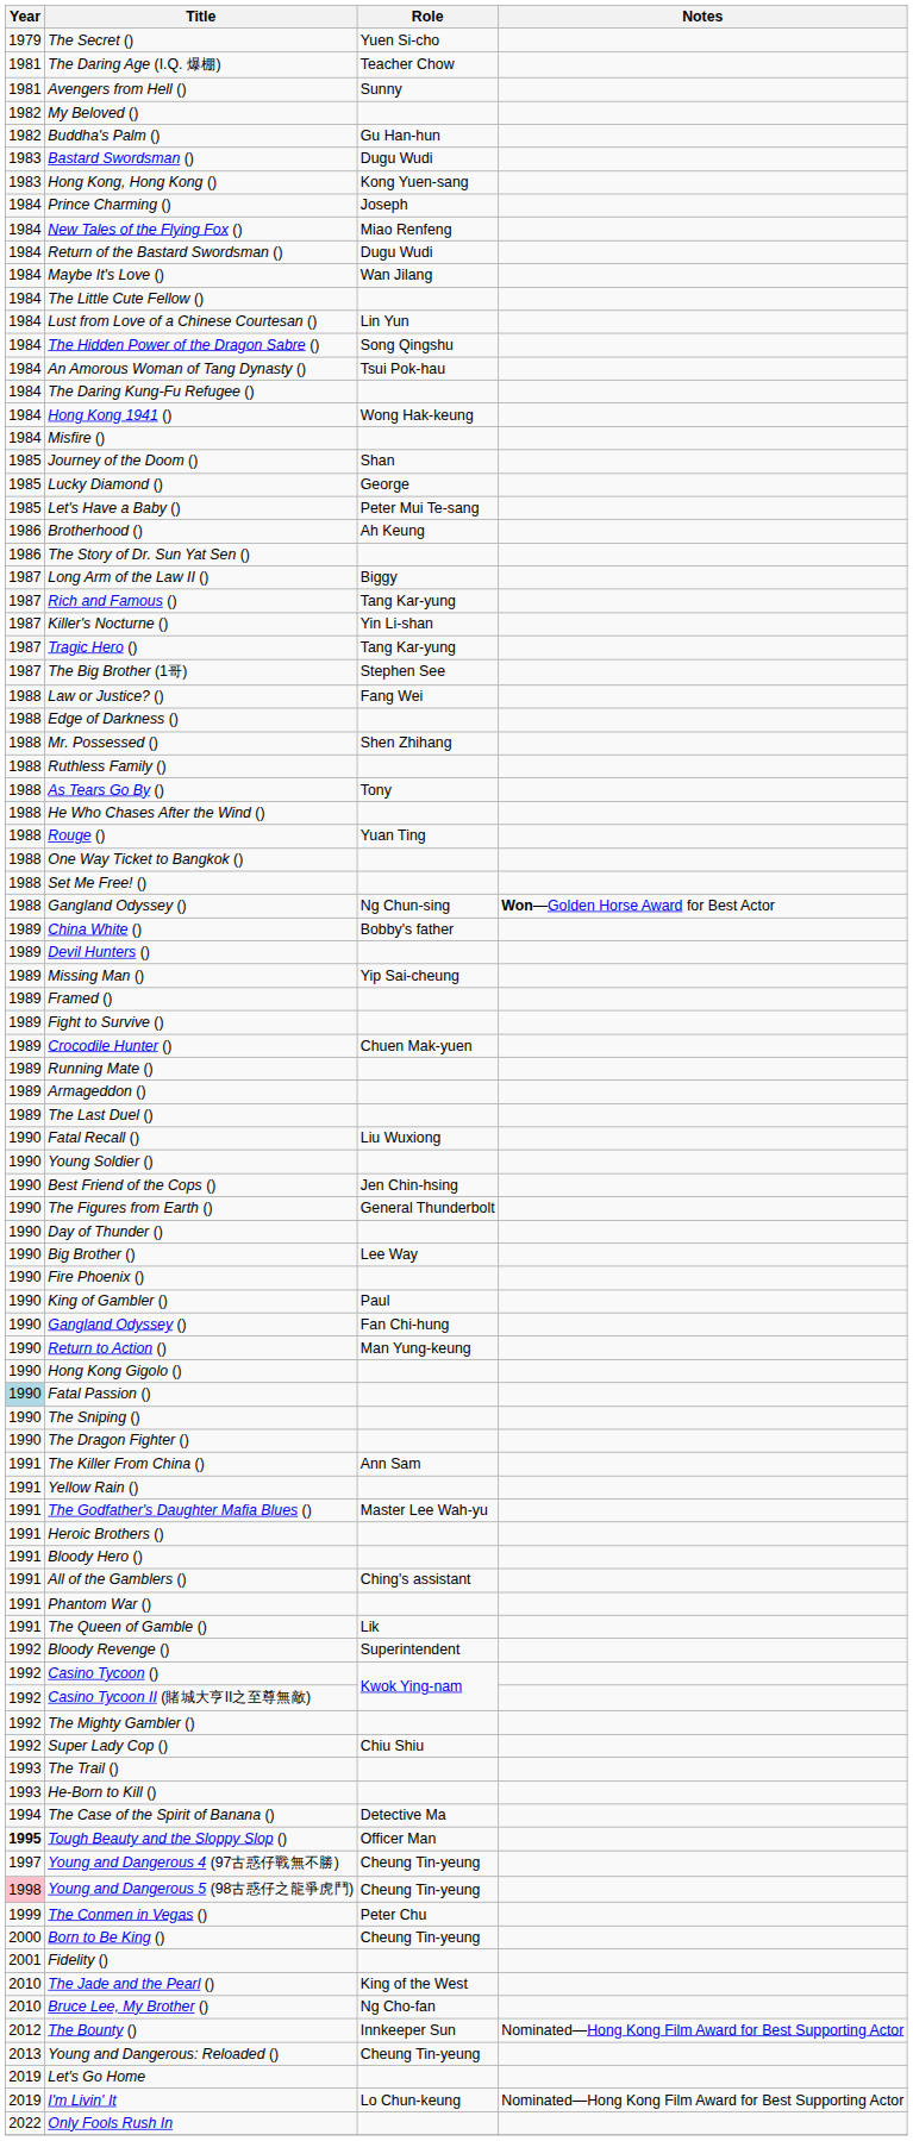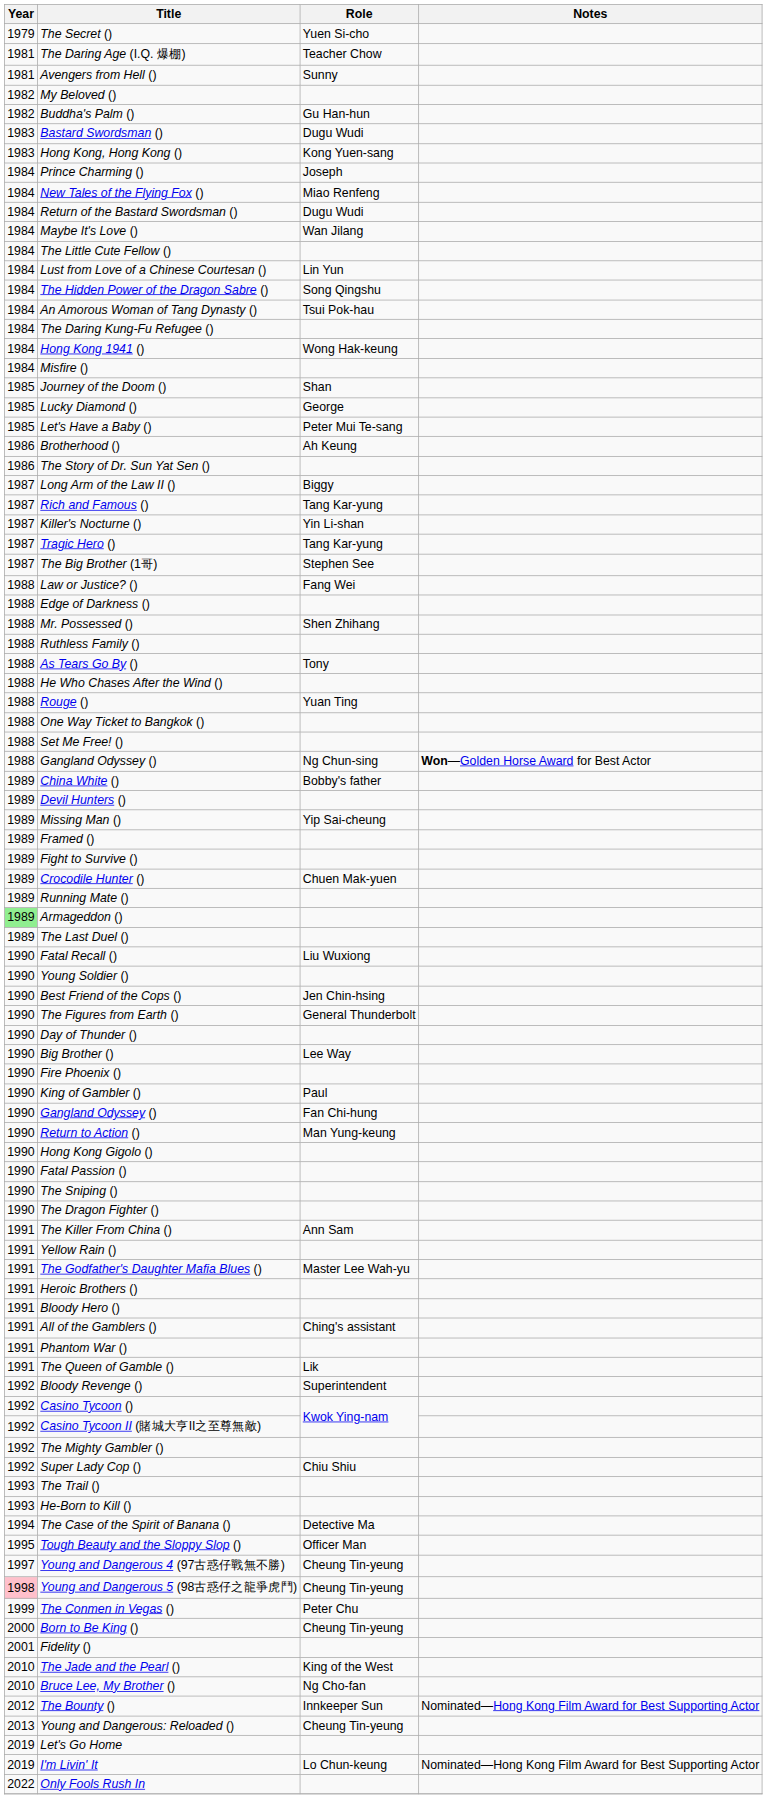 <table class="wikitable sortable">
 <tr>
 <th>Year</th>
 <th>Title</th>
 <th>Role</th>
 <th>Notes</th>
 </tr>
 <tr>
 <td>1979</td>
 <td><em>The Secret</em> ()</td>
 <td>Yuen Si-cho</td>
 <td></td>
 </tr>
 <tr>
 <td>1981</td>
 <td><em>The Daring Age</em> (I.Q. 爆棚)</td>
 <td>Teacher Chow</td>
 <td></td>
 </tr>
 <tr>
 <td>1981</td>
 <td><em>Avengers from Hell</em> ()</td>
 <td>Sunny</td>
 <td></td>
 </tr>
 <tr>
 <td>1982</td>
 <td><em>My Beloved</em> ()</td>
 <td></td>
 <td></td>
 </tr>
 <tr>
 <td>1982</td>
 <td><em>Buddha's Palm</em> ()</td>
 <td>Gu Han-hun</td>
 <td></td>
 </tr>
 <tr>
 <td>1983</td>
 <td><em><a href='#'>Bastard Swordsman</a></em> ()</td>
 <td>Dugu Wudi</td>
 <td></td>
 </tr>
 <tr>
 <td>1983</td>
 <td><em>Hong Kong, Hong Kong</em> ()</td>
 <td>Kong Yuen-sang</td>
 <td></td>
 </tr>
 <tr>
 <td>1984</td>
 <td><em>Prince Charming</em> ()</td>
 <td>Joseph</td>
 <td></td>
 </tr>
 <tr>
 <td>1984</td>
 <td><em><a href='#'>New Tales of the Flying Fox</a></em> ()</td>
 <td>Miao Renfeng</td>
 <td></td>
 </tr>
 <tr>
 <td>1984</td>
 <td><em>Return of the Bastard Swordsman</em> ()</td>
 <td>Dugu Wudi</td>
 <td></td>
 </tr>
 <tr>
 <td>1984</td>
 <td><em>Maybe It's Love</em> ()</td>
 <td>Wan Jilang</td>
 <td></td>
 </tr>
 <tr>
 <td>1984</td>
 <td><em>The Little Cute Fellow</em> ()</td>
 <td></td>
 <td></td>
 </tr>
 <tr>
 <td>1984</td>
 <td><em>Lust from Love of a Chinese Courtesan</em> ()</td>
 <td>Lin Yun</td>
 <td></td>
 </tr>
 <tr>
 <td>1984</td>
 <td><em><a href='#'>The Hidden Power of the Dragon Sabre</a></em> ()</td>
 <td>Song Qingshu</td>
 <td></td>
 </tr>
 <tr>
 <td>1984</td>
 <td><em>An Amorous Woman of Tang Dynasty</em> ()</td>
 <td>Tsui Pok-hau</td>
 <td></td>
 </tr>
 <tr>
 <td>1984</td>
 <td><em>The Daring Kung-Fu Refugee</em> ()</td>
 <td></td>
 <td></td>
 </tr>
 <tr>
 <td>1984</td>
 <td><em><a href='#'>Hong Kong 1941</a></em> ()</td>
 <td>Wong Hak-keung</td>
 <td></td>
 </tr>
 <tr>
 <td>1984</td>
 <td><em>Misfire</em> ()</td>
 <td></td>
 <td></td>
 </tr>
 <tr>
 <td>1985</td>
 <td><em>Journey of the Doom</em> ()</td>
 <td>Shan</td>
 <td></td>
 </tr>
 <tr>
 <td>1985</td>
 <td><em>Lucky Diamond</em> ()</td>
 <td>George</td>
 <td></td>
 </tr>
 <tr>
 <td>1985</td>
 <td><em>Let's Have a Baby</em> ()</td>
 <td>Peter Mui Te-sang</td>
 <td></td>
 </tr>
 <tr>
 <td>1986</td>
 <td><em>Brotherhood</em> ()</td>
 <td>Ah Keung</td>
 <td></td>
 </tr>
 <tr>
 <td>1986</td>
 <td><em>The Story of Dr. Sun Yat Sen</em> ()</td>
 <td></td>
 <td></td>
 </tr>
 <tr>
 <td>1987</td>
 <td><em>Long Arm of the Law II</em> ()</td>
 <td>Biggy</td>
 <td></td>
 </tr>
 <tr>
 <td>1987</td>
 <td><em><a href='#'>Rich and Famous</a></em> ()</td>
 <td>Tang Kar-yung</td>
 <td></td>
 </tr>
 <tr>
 <td>1987</td>
 <td><em>Killer's Nocturne</em> ()</td>
 <td>Yin Li-shan</td>
 <td></td>
 </tr>
 <tr>
 <td>1987</td>
 <td><em><a href='#'>Tragic Hero</a></em> ()</td>
 <td>Tang Kar-yung</td>
 <td></td>
 </tr>
 <tr>
 <td>1987</td>
 <td><em>The Big Brother</em> (1哥)</td>
 <td>Stephen See</td>
 <td></td>
 </tr>
 <tr>
 <td>1988</td>
 <td><em>Law or Justice?</em> ()</td>
 <td>Fang Wei</td>
 <td></td>
 </tr>
 <tr>
 <td>1988</td>
 <td><em>Edge of Darkness</em> ()</td>
 <td></td>
 <td></td>
 </tr>
 <tr>
 <td>1988</td>
 <td><em>Mr. Possessed</em> ()</td>
 <td>Shen Zhihang</td>
 <td></td>
 </tr>
 <tr>
 <td>1988</td>
 <td><em>Ruthless Family</em> ()</td>
 <td></td>
 <td></td>
 </tr>
 <tr>
 <td>1988</td>
 <td><em><a href='#'>As Tears Go By</a></em> ()</td>
 <td>Tony</td>
 <td></td>
 </tr>
 <tr>
 <td>1988</td>
 <td><em>He Who Chases After the Wind</em> ()</td>
 <td></td>
 <td></td>
 </tr>
 <tr>
 <td>1988</td>
 <td><em><a href='#'>Rouge</a></em> ()</td>
 <td>Yuan Ting</td>
 <td></td>
 </tr>
 <tr>
 <td>1988</td>
 <td><em>One Way Ticket to Bangkok</em> ()</td>
 <td></td>
 <td></td>
 </tr>
 <tr>
 <td>1988</td>
 <td><em>Set Me Free!</em> ()</td>
 <td></td>
 <td></td>
 </tr>
 <tr>
 <td>1988</td>
 <td><em>Gangland Odyssey</em> ()</td>
 <td>Ng Chun-sing</td>
 <td><strong>Won</strong>—<a href='#'>Golden Horse Award</a> for Best Actor</td>
 </tr>
 <tr>
 <td>1989</td>
 <td><em><a href='#'>China White</a></em> ()</td>
 <td>Bobby's father</td>
 <td></td>
 </tr>
 <tr>
 <td>1989</td>
 <td><em><a href='#'>Devil Hunters</a></em> ()</td>
 <td></td>
 <td></td>
 </tr>
 <tr>
 <td>1989</td>
 <td><em>Missing Man</em> ()</td>
 <td>Yip Sai-cheung</td>
 <td></td>
 </tr>
 <tr>
 <td>1989</td>
 <td><em>Framed</em> ()</td>
 <td></td>
 <td></td>
 </tr>
 <tr>
 <td>1989</td>
 <td><em>Fight to Survive</em> ()</td>
 <td></td>
 <td></td>
 </tr>
 <tr>
 <td>1989</td>
 <td><em><a href='#'>Crocodile Hunter</a></em> ()</td>
 <td>Chuen Mak-yuen</td>
 <td></td>
 </tr>
 <tr>
 <td>1989</td>
 <td><em>Running Mate</em> ()</td>
 <td></td>
 <td></td>
 </tr>
 <tr>
-<td>1989</td>
+<td style="background: lightgreen;">1989</td>
 <td><em>Armageddon</em> ()</td>
 <td></td>
 <td></td>
 </tr>
 <tr>
 <td>1989</td>
 <td><em>The Last Duel</em> ()</td>
 <td></td>
 <td></td>
 </tr>
 <tr>
 <td>1990</td>
 <td><em>Fatal Recall</em> ()</td>
 <td>Liu Wuxiong</td>
 <td></td>
 </tr>
 <tr>
 <td>1990</td>
 <td><em>Young Soldier</em> ()</td>
 <td></td>
 <td></td>
 </tr>
 <tr>
 <td>1990</td>
 <td><em>Best Friend of the Cops</em> ()</td>
 <td>Jen Chin-hsing</td>
 <td></td>
 </tr>
 <tr>
 <td>1990</td>
 <td><em>The Figures from Earth</em> ()</td>
 <td>General Thunderbolt</td>
 <td></td>
 </tr>
 <tr>
 <td>1990</td>
 <td><em>Day of Thunder</em> ()</td>
 <td></td>
 <td></td>
 </tr>
 <tr>
 <td>1990</td>
 <td><em>Big Brother</em> ()</td>
 <td>Lee Way</td>
 <td></td>
 </tr>
 <tr>
 <td>1990</td>
 <td><em>Fire Phoenix</em> ()</td>
 <td></td>
 <td></td>
 </tr>
 <tr>
 <td>1990</td>
 <td><em>King of Gambler</em> ()</td>
 <td>Paul</td>
 <td></td>
 </tr>
 <tr>
 <td>1990</td>
 <td><em><a href='#'>Gangland Odyssey</a></em> ()</td>
 <td>Fan Chi-hung</td>
 <td></td>
 </tr>
 <tr>
 <td>1990</td>
 <td><em><a href='#'>Return to Action</a></em> ()</td>
 <td>Man Yung-keung</td>
 <td></td>
 </tr>
 <tr>
 <td>1990</td>
 <td><em>Hong Kong Gigolo</em> ()</td>
 <td></td>
 <td></td>
 </tr>
 <tr>
-<td style="background: lightblue;">1990</td>
+<td>1990</td>
 <td><em>Fatal Passion</em> ()</td>
 <td></td>
 <td></td>
 </tr>
 <tr>
 <td>1990</td>
 <td><em>The Sniping</em> ()</td>
 <td></td>
 <td></td>
 </tr>
 <tr>
 <td>1990</td>
 <td><em>The Dragon Fighter</em> ()</td>
 <td></td>
 <td></td>
 </tr>
 <tr>
 <td>1991</td>
 <td><em>The Killer From China</em> ()</td>
 <td>Ann Sam</td>
 <td></td>
 </tr>
 <tr>
 <td>1991</td>
 <td><em>Yellow Rain</em> ()</td>
 <td></td>
 <td></td>
 </tr>
 <tr>
 <td>1991</td>
 <td><em><a href='#'>The Godfather's Daughter Mafia Blues</a></em> ()</td>
 <td>Master Lee Wah-yu</td>
 <td></td>
 </tr>
 <tr>
 <td>1991</td>
 <td><em>Heroic Brothers</em> ()</td>
 <td></td>
 <td></td>
 </tr>
 <tr>
 <td>1991</td>
 <td><em>Bloody Hero</em> ()</td>
 <td></td>
 <td></td>
 </tr>
 <tr>
 <td>1991</td>
 <td><em>All of the Gamblers</em> ()</td>
 <td>Ching's assistant</td>
 <td></td>
 </tr>
 <tr>
 <td>1991</td>
 <td><em>Phantom War</em> ()</td>
 <td></td>
 <td></td>
 </tr>
 <tr>
 <td>1991</td>
 <td><em>The Queen of Gamble</em> ()</td>
 <td>Lik</td>
 <td></td>
 </tr>
 <tr>
 <td>1992</td>
 <td><em>Bloody Revenge</em> ()</td>
 <td>Superintendent</td>
 <td></td>
 </tr>
 <tr>
 <td>1992</td>
 <td><em><a href='#'>Casino Tycoon</a></em> ()</td>
 <td rowspan=2><a href='#'>Kwok Ying-nam</a></td>
 <td></td>
 </tr>
 <tr>
 <td>1992</td>
 <td><em><a href='#'>Casino Tycoon II</a></em> (賭城大亨II之至尊無敵)</td>
 <td></td>
 </tr>
 <tr>
 <td>1992</td>
 <td><em>The Mighty Gambler</em> ()</td>
 <td></td>
 <td></td>
 </tr>
 <tr>
 <td>1992</td>
 <td><em>Super Lady Cop</em> ()</td>
 <td>Chiu Shiu</td>
 <td></td>
 </tr>
 <tr>
 <td>1993</td>
 <td><em>The Trail</em> ()</td>
 <td></td>
 <td></td>
 </tr>
 <tr>
 <td>1993</td>
 <td><em>He-Born to Kill</em> ()</td>
 <td></td>
 <td></td>
 </tr>
 <tr>
 <td>1994</td>
 <td><em>The Case of the Spirit of Banana</em> ()</td>
 <td>Detective Ma</td>
 <td></td>
 </tr>
 <tr>
-<td><strong>1995</strong></td>
+<td>1995</td>
 <td><em><a href='#'>Tough Beauty and the Sloppy Slop</a></em> ()</td>
 <td>Officer Man</td>
 <td></td>
 </tr>
 <tr>
 <td>1997</td>
 <td><em><a href='#'>Young and Dangerous 4</a></em> (97古惑仔戰無不勝)</td>
 <td>Cheung Tin-yeung</td>
 <td></td>
 </tr>
 <tr>
 <td style="background: pink;">1998</td>
 <td><em><a href='#'>Young and Dangerous 5</a></em> (98古惑仔之龍爭虎鬥)</td>
 <td>Cheung Tin-yeung</td>
 <td></td>
 </tr>
 <tr>
 <td>1999</td>
 <td><em><a href='#'>The Conmen in Vegas</a></em> ()</td>
 <td>Peter Chu</td>
 <td></td>
 </tr>
 <tr>
 <td>2000</td>
 <td><em><a href='#'>Born to Be King</a></em> ()</td>
 <td>Cheung Tin-yeung</td>
 <td></td>
 </tr>
 <tr>
 <td>2001</td>
 <td><em>Fidelity</em> ()</td>
 <td></td>
 <td></td>
 </tr>
 <tr>
 <td>2010</td>
 <td><em><a href='#'>The Jade and the Pearl</a></em> ()</td>
 <td>King of the West</td>
 <td></td>
 </tr>
 <tr>
 <td>2010</td>
 <td><em><a href='#'>Bruce Lee, My Brother</a></em> ()</td>
 <td>Ng Cho-fan</td>
 <td></td>
 </tr>
 <tr>
 <td>2012</td>
 <td><em><a href='#'>The Bounty</a></em> ()</td>
 <td>Innkeeper Sun</td>
 <td>Nominated—<a href='#'>Hong Kong Film Award for Best Supporting Actor</a></td>
 </tr>
 <tr>
 <td>2013</td>
 <td><em>Young and Dangerous: Reloaded</em> ()</td>
 <td>Cheung Tin-yeung</td>
 <td></td>
 </tr>
 <tr>
 <td>2019</td>
 <td><em>Let's Go Home</em></td>
 <td></td>
 <td></td>
 </tr>
 <tr>
 <td>2019</td>
 <td><em><a href='#'>I'm Livin' It</a></em></td>
 <td>Lo Chun-keung</td>
 <td>Nominated—Hong Kong Film Award for Best Supporting Actor</td>
 </tr>
 <tr>
 <td>2022</td>
 <td><em><a href='#'>Only Fools Rush In</a></em></td>
 <td></td>
 <td></td>
 </tr>
 <tr>
 </tr>
 </table>
